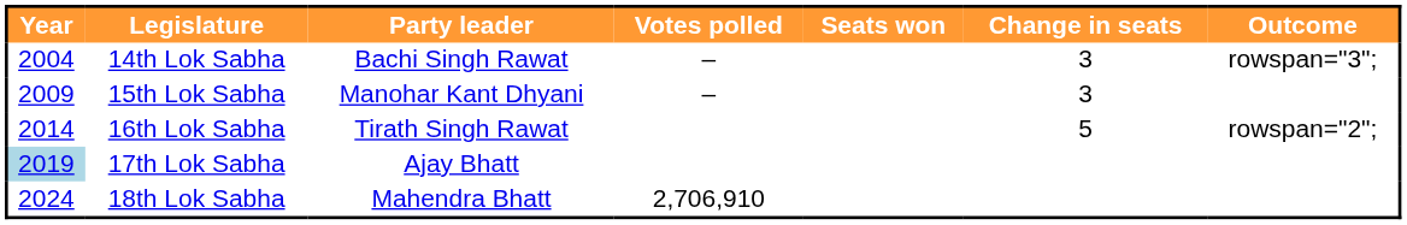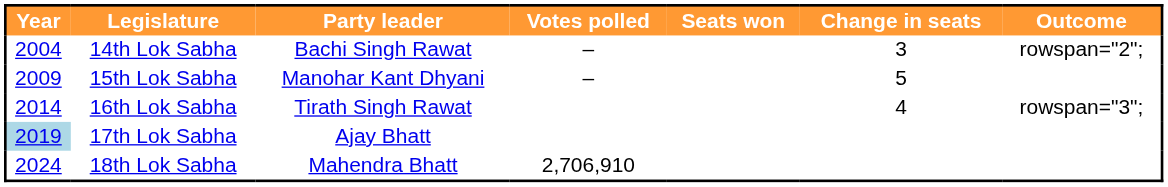 <table class="sortable" cellspacing="0" cellpadding="2" style="border-collapse: collapse; border: 2px #000000 solid; font-size: x-big; width:70%; border:1">
 <tr style="background-color:#FF9933; color:white">
 <th>Year</th>
 <th>Legislature</th>
 <th>Party leader</th>
 <th>Votes polled</th>
 <th>Seats won</th>
 <th>Change in seats</th>
 <th>Outcome</th>
 </tr>
 <tr style="text-align:center;">
 <td><a href='#'>2004</a></td>
 <td><a href='#'>14th Lok Sabha</a></td>
 <td><a href='#'>Bachi Singh Rawat</a></td>
 <td>–</td>
 <td></td>
 <td> 3</td>
-<td>rowspan="3"; </td>
+<td>rowspan="2"; </td>
 </tr>
 <tr style="text-align:center;">
 <td><a href='#'>2009</a></td>
 <td><a href='#'>15th Lok Sabha</a></td>
 <td><a href='#'>Manohar Kant Dhyani</a></td>
 <td>–</td>
 <td></td>
-<td> 3</td>
+<td> 5</td>
 </tr>
 <tr style="text-align:center;">
 <td><a href='#'>2014</a></td>
 <td><a href='#'>16th Lok Sabha</a></td>
 <td><a href='#'>Tirath Singh Rawat</a></td>
 <td></td>
 <td></td>
-<td> 5</td>
-<td>rowspan="2"; </td>
+<td> 4</td>
+<td>rowspan="3"; </td>
 </tr>
 <tr style="text-align:center;">
 <td style="background: lightblue;"><a href='#'>2019</a></td>
 <td><a href='#'>17th Lok Sabha</a></td>
 <td><a href='#'>Ajay Bhatt</a></td>
 <td></td>
 <td></td>
 <td></td>
 </tr>
 <tr style="text-align:center;">
 <td><a href='#'>2024</a></td>
 <td><a href='#'>18th Lok Sabha</a></td>
 <td><a href='#'>Mahendra Bhatt</a></td>
 <td>2,706,910</td>
 <td></td>
 <td></td>
 </tr>
 </table>
